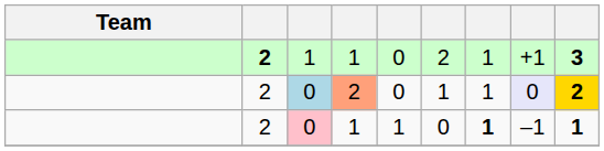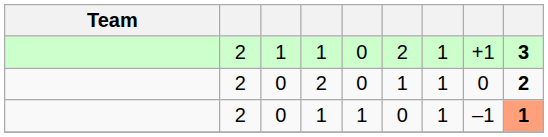 <table class="wikitable" style="text-align: center;">
 <tr>
 <th width="165">Team</th>
 <th width="25"></th>
 <th width="25"></th>
 <th width="25"></th>
 <th width="25"></th>
 <th width="25"></th>
 <th width="25"></th>
 <th width="25"></th>
 <th width="25"></th>
 </tr>
 <tr bgcolor="#ccffcc">
 <td style="text-align:left;"></td>
-<td><strong>2</strong></td>
+<td>2</td>
 <td>1</td>
 <td>1</td>
 <td>0</td>
 <td>2</td>
 <td>1</td>
 <td>+1</td>
 <td><strong>3</strong></td>
 </tr>
 <tr>
 <td style="text-align:left;"></td>
 <td>2</td>
-<td style="background: lightblue;">0</td>
-<td style="background: lightsalmon;">2</td>
+<td>0</td>
+<td>2</td>
 <td>0</td>
 <td>1</td>
 <td>1</td>
-<td style="background: lavender;">0</td>
-<td style="background: gold;"><strong>2</strong></td>
+<td>0</td>
+<td><strong>2</strong></td>
 </tr>
 <tr>
 <td style="text-align:left;"></td>
 <td>2</td>
-<td style="background: pink;">0</td>
+<td>0</td>
 <td>1</td>
 <td>1</td>
 <td>0</td>
-<td><strong>1</strong></td>
+<td>1</td>
 <td>–1</td>
-<td><strong>1</strong></td>
+<td style="background: lightsalmon;"><strong>1</strong></td>
 </tr>
 <tr>
 </tr>
 </table>
